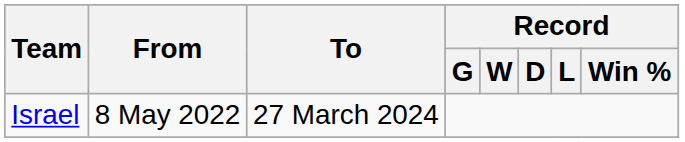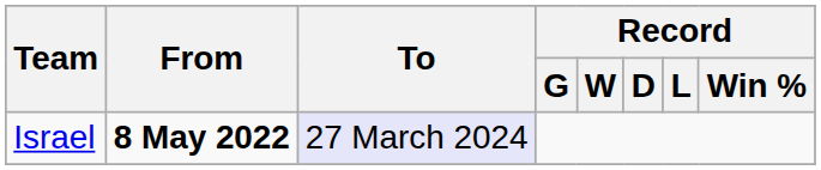 <table class="wikitable" style="text-align: center">
 <tr>
 <th rowspan="2">Team</th>
 <th rowspan="2">From</th>
 <th rowspan="2">To</th>
 <th colspan="5">Record</th>
 </tr>
 <tr>
 <th>G</th>
 <th>W</th>
 <th>D</th>
 <th>L</th>
 <th>Win %</th>
 </tr>
 <tr>
 <td align=left><a href='#'>Israel</a></td>
-<td align=left>8 May 2022</td>
-<td align=left>27 March 2024<br></td>
+<td align=left><strong>8 May 2022</strong></td>
+<td align=left style="background: lavender;">27 March 2024<br></td>
 </tr>
 </table>
